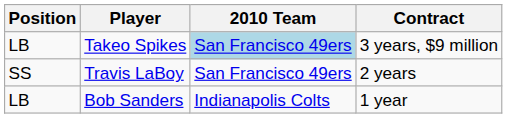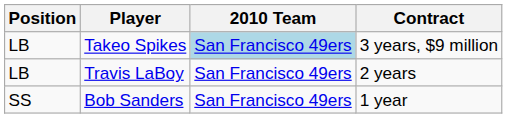 <table class="wikitable" style="font-size: 95%; text-align: left">
 <tr>
 <th>Position</th>
 <th>Player</th>
 <th>2010 Team</th>
 <th>Contract</th>
 </tr>
 <tr>
 <td>LB</td>
 <td><a href='#'>Takeo Spikes</a></td>
 <td style="background: lightblue;"><a href='#'>San Francisco 49ers</a></td>
 <td>3 years, $9 million</td>
 </tr>
 <tr>
-<td>SS</td>
+<td>LB</td>
 <td><a href='#'>Travis LaBoy</a></td>
 <td><a href='#'>San Francisco 49ers</a></td>
 <td>2 years</td>
 </tr>
 <tr>
-<td>LB</td>
+<td>SS</td>
 <td><a href='#'>Bob Sanders</a></td>
-<td><a href='#'>Indianapolis Colts</a></td>
+<td><a href='#'>San Francisco 49ers</a></td>
 <td>1 year</td>
 </tr>
 </table>
